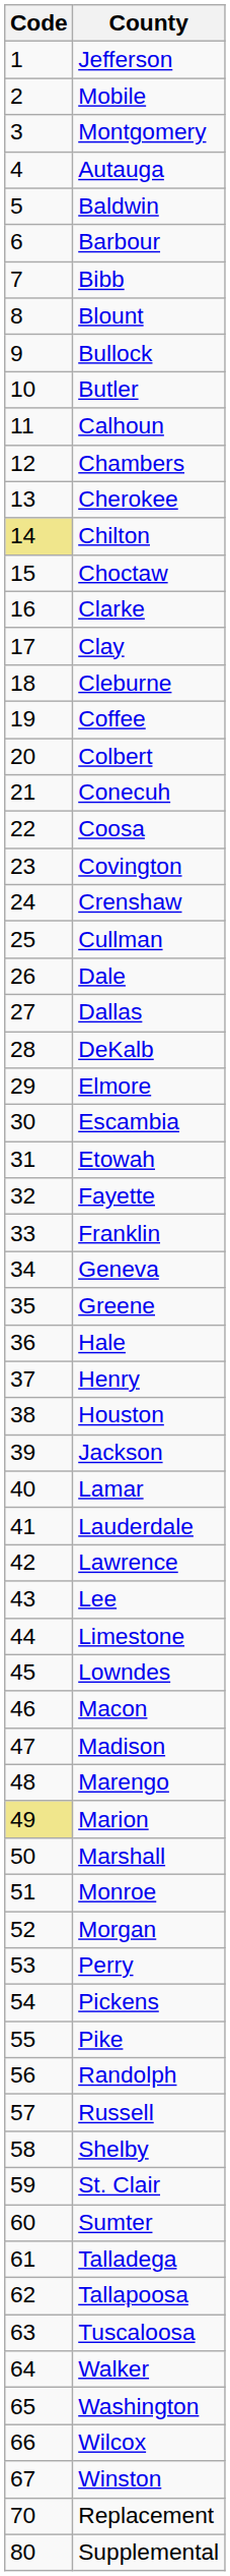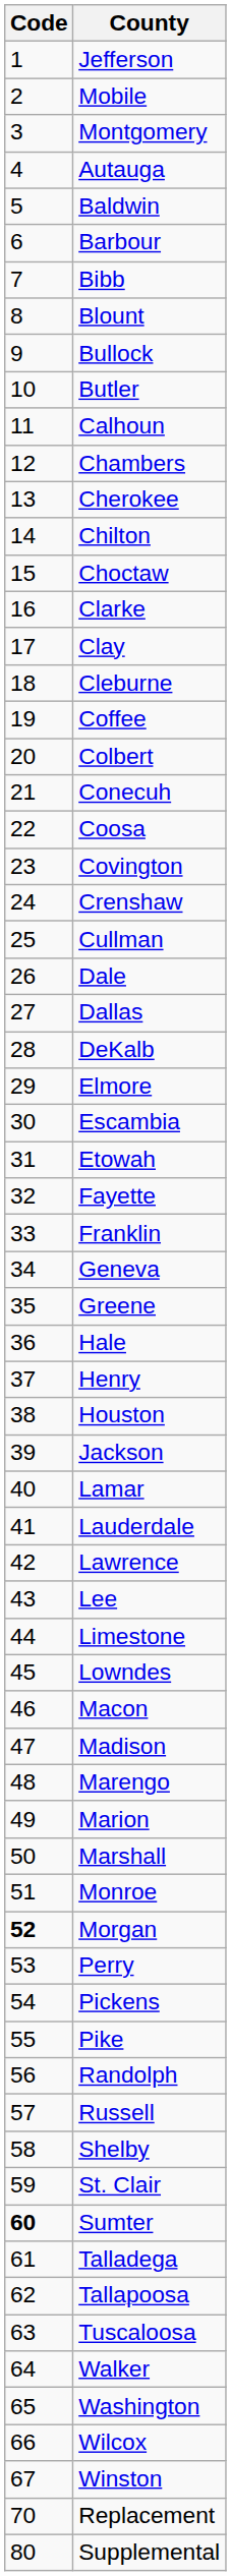 <table class="wikitable sortable">
 <tr>
 <th>Code</th>
 <th>County</th>
 </tr>
 <tr>
 <td>1</td>
 <td><a href='#'>Jefferson</a></td>
 </tr>
 <tr>
 <td>2</td>
 <td><a href='#'>Mobile</a></td>
 </tr>
 <tr>
 <td>3</td>
 <td><a href='#'>Montgomery</a></td>
 </tr>
 <tr>
 <td>4</td>
 <td><a href='#'>Autauga</a></td>
 </tr>
 <tr>
 <td>5</td>
 <td><a href='#'>Baldwin</a></td>
 </tr>
 <tr>
 <td>6</td>
 <td><a href='#'>Barbour</a></td>
 </tr>
 <tr>
 <td>7</td>
 <td><a href='#'>Bibb</a></td>
 </tr>
 <tr>
 <td>8</td>
 <td><a href='#'>Blount</a></td>
 </tr>
 <tr>
 <td>9</td>
 <td><a href='#'>Bullock</a></td>
 </tr>
 <tr>
 <td>10</td>
 <td><a href='#'>Butler</a></td>
 </tr>
 <tr>
 <td>11</td>
 <td><a href='#'>Calhoun</a></td>
 </tr>
 <tr>
 <td>12</td>
 <td><a href='#'>Chambers</a></td>
 </tr>
 <tr>
 <td>13</td>
 <td><a href='#'>Cherokee</a></td>
 </tr>
 <tr>
-<td style="background: khaki;">14</td>
+<td>14</td>
 <td><a href='#'>Chilton</a></td>
 </tr>
 <tr>
 <td>15</td>
 <td><a href='#'>Choctaw</a></td>
 </tr>
 <tr>
 <td>16</td>
 <td><a href='#'>Clarke</a></td>
 </tr>
 <tr>
 <td>17</td>
 <td><a href='#'>Clay</a></td>
 </tr>
 <tr>
 <td>18</td>
 <td><a href='#'>Cleburne</a></td>
 </tr>
 <tr>
 <td>19</td>
 <td><a href='#'>Coffee</a></td>
 </tr>
 <tr>
 <td>20</td>
 <td><a href='#'>Colbert</a></td>
 </tr>
 <tr>
 <td>21</td>
 <td><a href='#'>Conecuh</a></td>
 </tr>
 <tr>
 <td>22</td>
 <td><a href='#'>Coosa</a></td>
 </tr>
 <tr>
 <td>23</td>
 <td><a href='#'>Covington</a></td>
 </tr>
 <tr>
 <td>24</td>
 <td><a href='#'>Crenshaw</a></td>
 </tr>
 <tr>
 <td>25</td>
 <td><a href='#'>Cullman</a></td>
 </tr>
 <tr>
 <td>26</td>
 <td><a href='#'>Dale</a></td>
 </tr>
 <tr>
 <td>27</td>
 <td><a href='#'>Dallas</a></td>
 </tr>
 <tr>
 <td>28</td>
 <td><a href='#'>DeKalb</a></td>
 </tr>
 <tr>
 <td>29</td>
 <td><a href='#'>Elmore</a></td>
 </tr>
 <tr>
 <td>30</td>
 <td><a href='#'>Escambia</a></td>
 </tr>
 <tr>
 <td>31</td>
 <td><a href='#'>Etowah</a></td>
 </tr>
 <tr>
 <td>32</td>
 <td><a href='#'>Fayette</a></td>
 </tr>
 <tr>
 <td>33</td>
 <td><a href='#'>Franklin</a></td>
 </tr>
 <tr>
 <td>34</td>
 <td><a href='#'>Geneva</a></td>
 </tr>
 <tr>
 <td>35</td>
 <td><a href='#'>Greene</a></td>
 </tr>
 <tr>
 <td>36</td>
 <td><a href='#'>Hale</a></td>
 </tr>
 <tr>
 <td>37</td>
 <td><a href='#'>Henry</a></td>
 </tr>
 <tr>
 <td>38</td>
 <td><a href='#'>Houston</a></td>
 </tr>
 <tr>
 <td>39</td>
 <td><a href='#'>Jackson</a></td>
 </tr>
 <tr>
 <td>40</td>
 <td><a href='#'>Lamar</a></td>
 </tr>
 <tr>
 <td>41</td>
 <td><a href='#'>Lauderdale</a></td>
 </tr>
 <tr>
 <td>42</td>
 <td><a href='#'>Lawrence</a></td>
 </tr>
 <tr>
 <td>43</td>
 <td><a href='#'>Lee</a></td>
 </tr>
 <tr>
 <td>44</td>
 <td><a href='#'>Limestone</a></td>
 </tr>
 <tr>
 <td>45</td>
 <td><a href='#'>Lowndes</a></td>
 </tr>
 <tr>
 <td>46</td>
 <td><a href='#'>Macon</a></td>
 </tr>
 <tr>
 <td>47</td>
 <td><a href='#'>Madison</a></td>
 </tr>
 <tr>
 <td>48</td>
 <td><a href='#'>Marengo</a></td>
 </tr>
 <tr>
-<td style="background: khaki;">49</td>
+<td>49</td>
 <td><a href='#'>Marion</a></td>
 </tr>
 <tr>
 <td>50</td>
 <td><a href='#'>Marshall</a></td>
 </tr>
 <tr>
 <td>51</td>
 <td><a href='#'>Monroe</a></td>
 </tr>
 <tr>
-<td>52</td>
+<td><strong>52</strong></td>
 <td><a href='#'>Morgan</a></td>
 </tr>
 <tr>
 <td>53</td>
 <td><a href='#'>Perry</a></td>
 </tr>
 <tr>
 <td>54</td>
 <td><a href='#'>Pickens</a></td>
 </tr>
 <tr>
 <td>55</td>
 <td><a href='#'>Pike</a></td>
 </tr>
 <tr>
 <td>56</td>
 <td><a href='#'>Randolph</a></td>
 </tr>
 <tr>
 <td>57</td>
 <td><a href='#'>Russell</a></td>
 </tr>
 <tr>
 <td>58</td>
 <td><a href='#'>Shelby</a></td>
 </tr>
 <tr>
 <td>59</td>
 <td><a href='#'>St. Clair</a></td>
 </tr>
 <tr>
-<td>60</td>
+<td><strong>60</strong></td>
 <td><a href='#'>Sumter</a></td>
 </tr>
 <tr>
 <td>61</td>
 <td><a href='#'>Talladega</a></td>
 </tr>
 <tr>
 <td>62</td>
 <td><a href='#'>Tallapoosa</a></td>
 </tr>
 <tr>
 <td>63</td>
 <td><a href='#'>Tuscaloosa</a></td>
 </tr>
 <tr>
 <td>64</td>
 <td><a href='#'>Walker</a></td>
 </tr>
 <tr>
 <td>65</td>
 <td><a href='#'>Washington</a></td>
 </tr>
 <tr>
 <td>66</td>
 <td><a href='#'>Wilcox</a></td>
 </tr>
 <tr>
 <td>67</td>
 <td><a href='#'>Winston</a></td>
 </tr>
 <tr>
 <td>70</td>
 <td>Replacement</td>
 </tr>
 <tr>
 <td>80</td>
 <td>Supplemental</td>
 </tr>
 </table>
